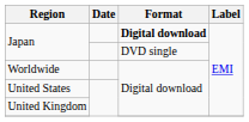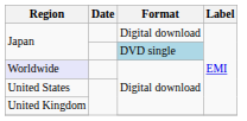 <table class="wikitable">
 <tr>
 <th>Region</th>
 <th>Date</th>
 <th>Format</th>
 <th>Label</th>
 </tr>
 <tr>
 <td rowspan="2">Japan</td>
 <td></td>
-<td><strong>Digital download</strong></td>
+<td>Digital download</td>
 <td rowspan="5"><a href='#'>EMI</a></td>
 </tr>
 <tr>
 <td></td>
-<td>DVD single</td>
+<td style="background: lightblue;">DVD single</td>
 </tr>
 <tr>
-<td rowspan="1">Worldwide</td>
+<td rowspan="1" style="background: lavender;">Worldwide</td>
 <td></td>
 <td rowspan="3">Digital download</td>
 </tr>
 <tr>
 <td rowspan="1">United States</td>
 <td rowspan="32"></td>
 </tr>
 <tr>
 <td rowspan="1">United Kingdom</td>
 </tr>
 <tr>
 </tr>
 </table>
